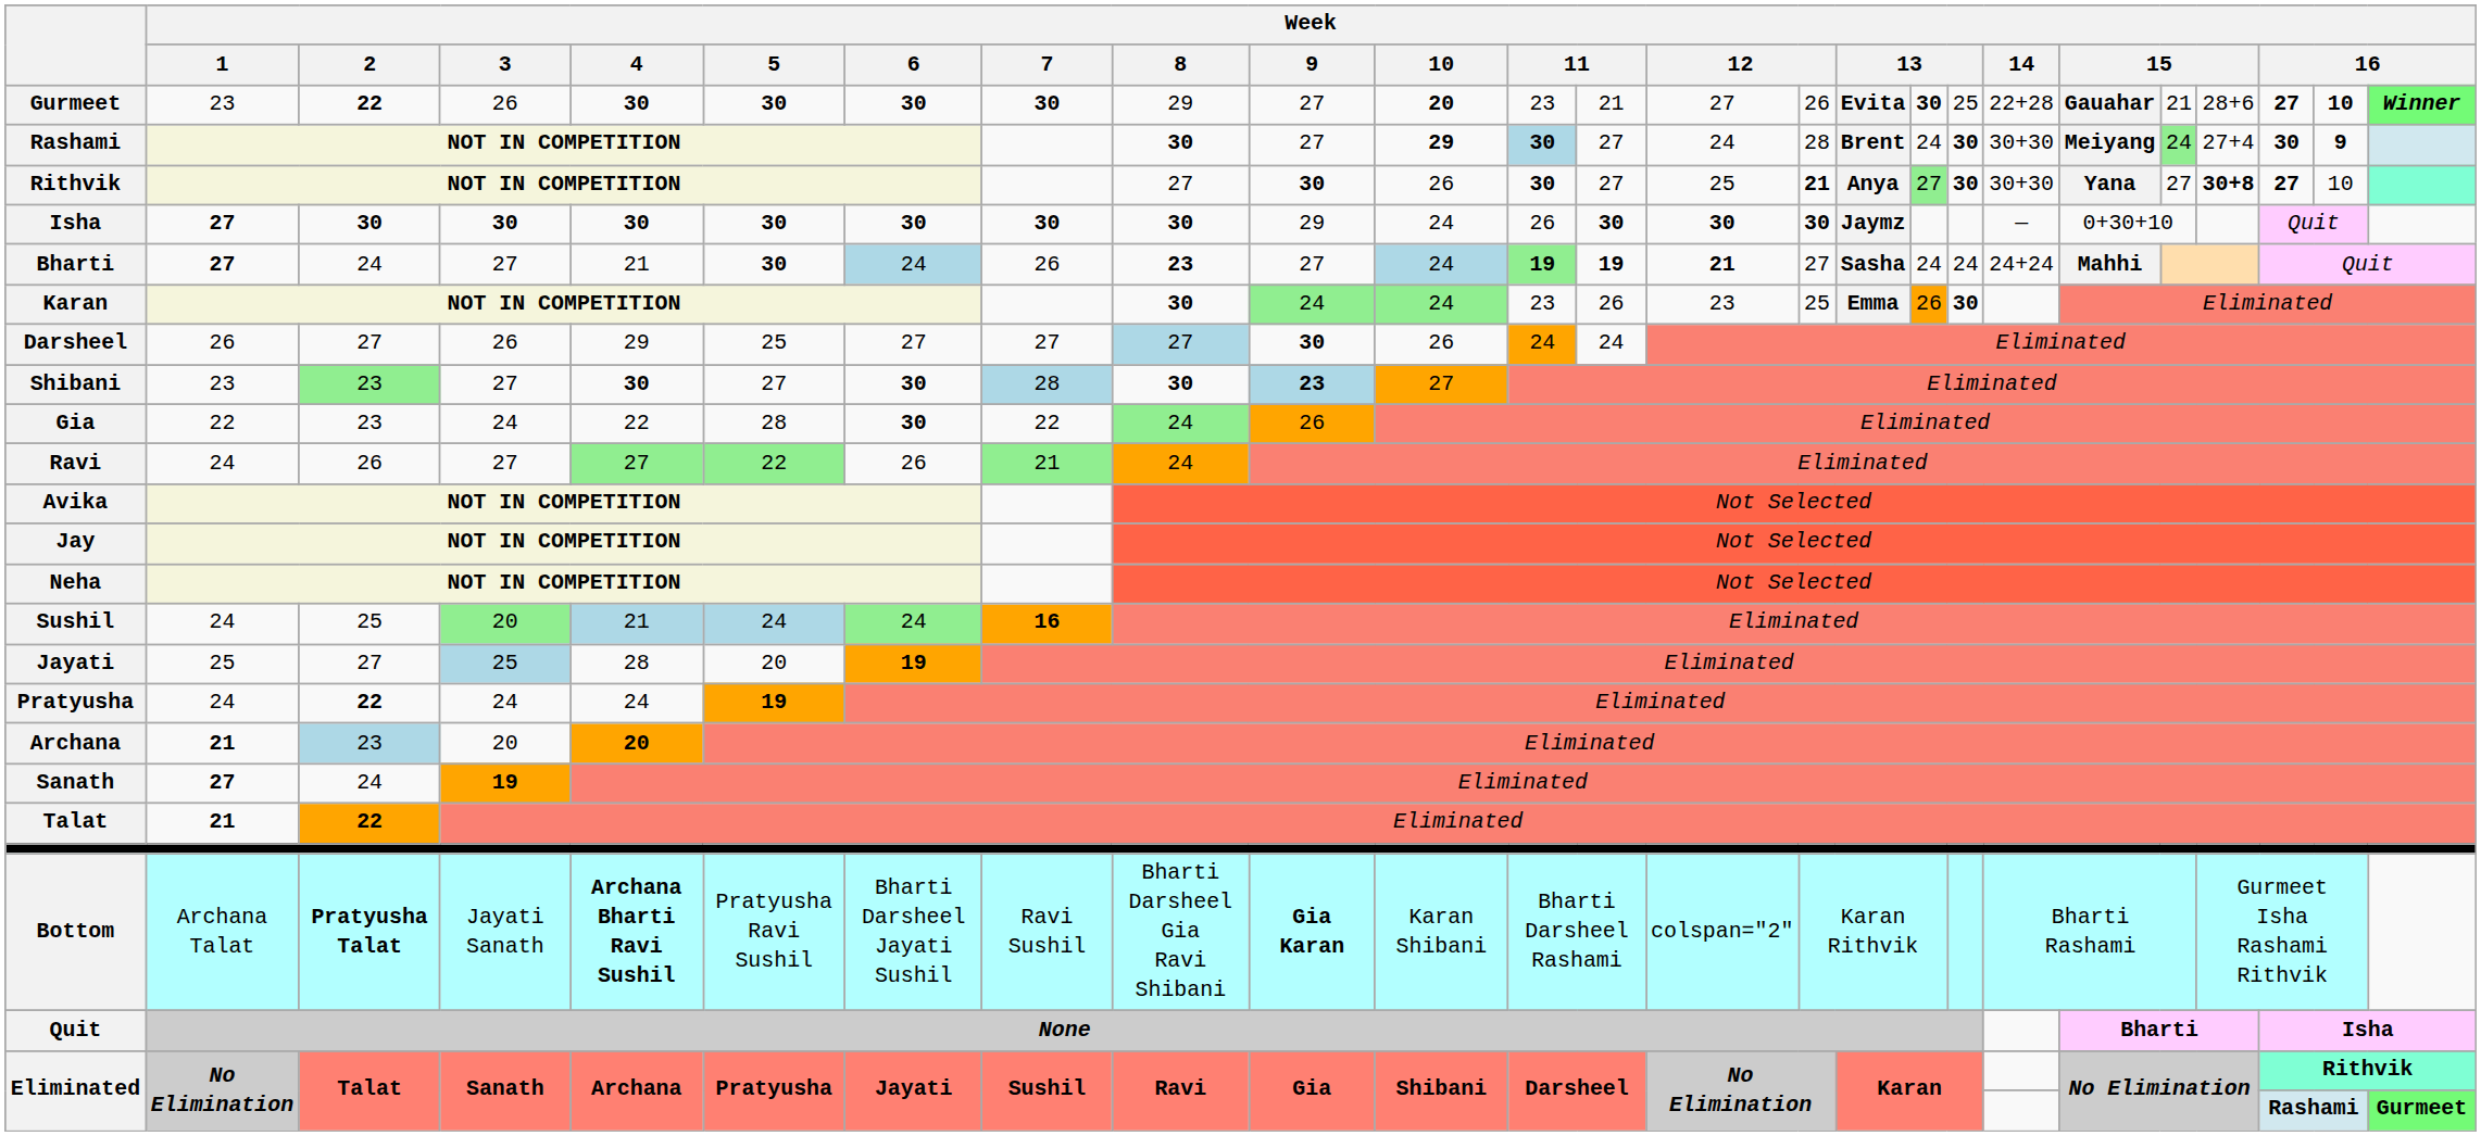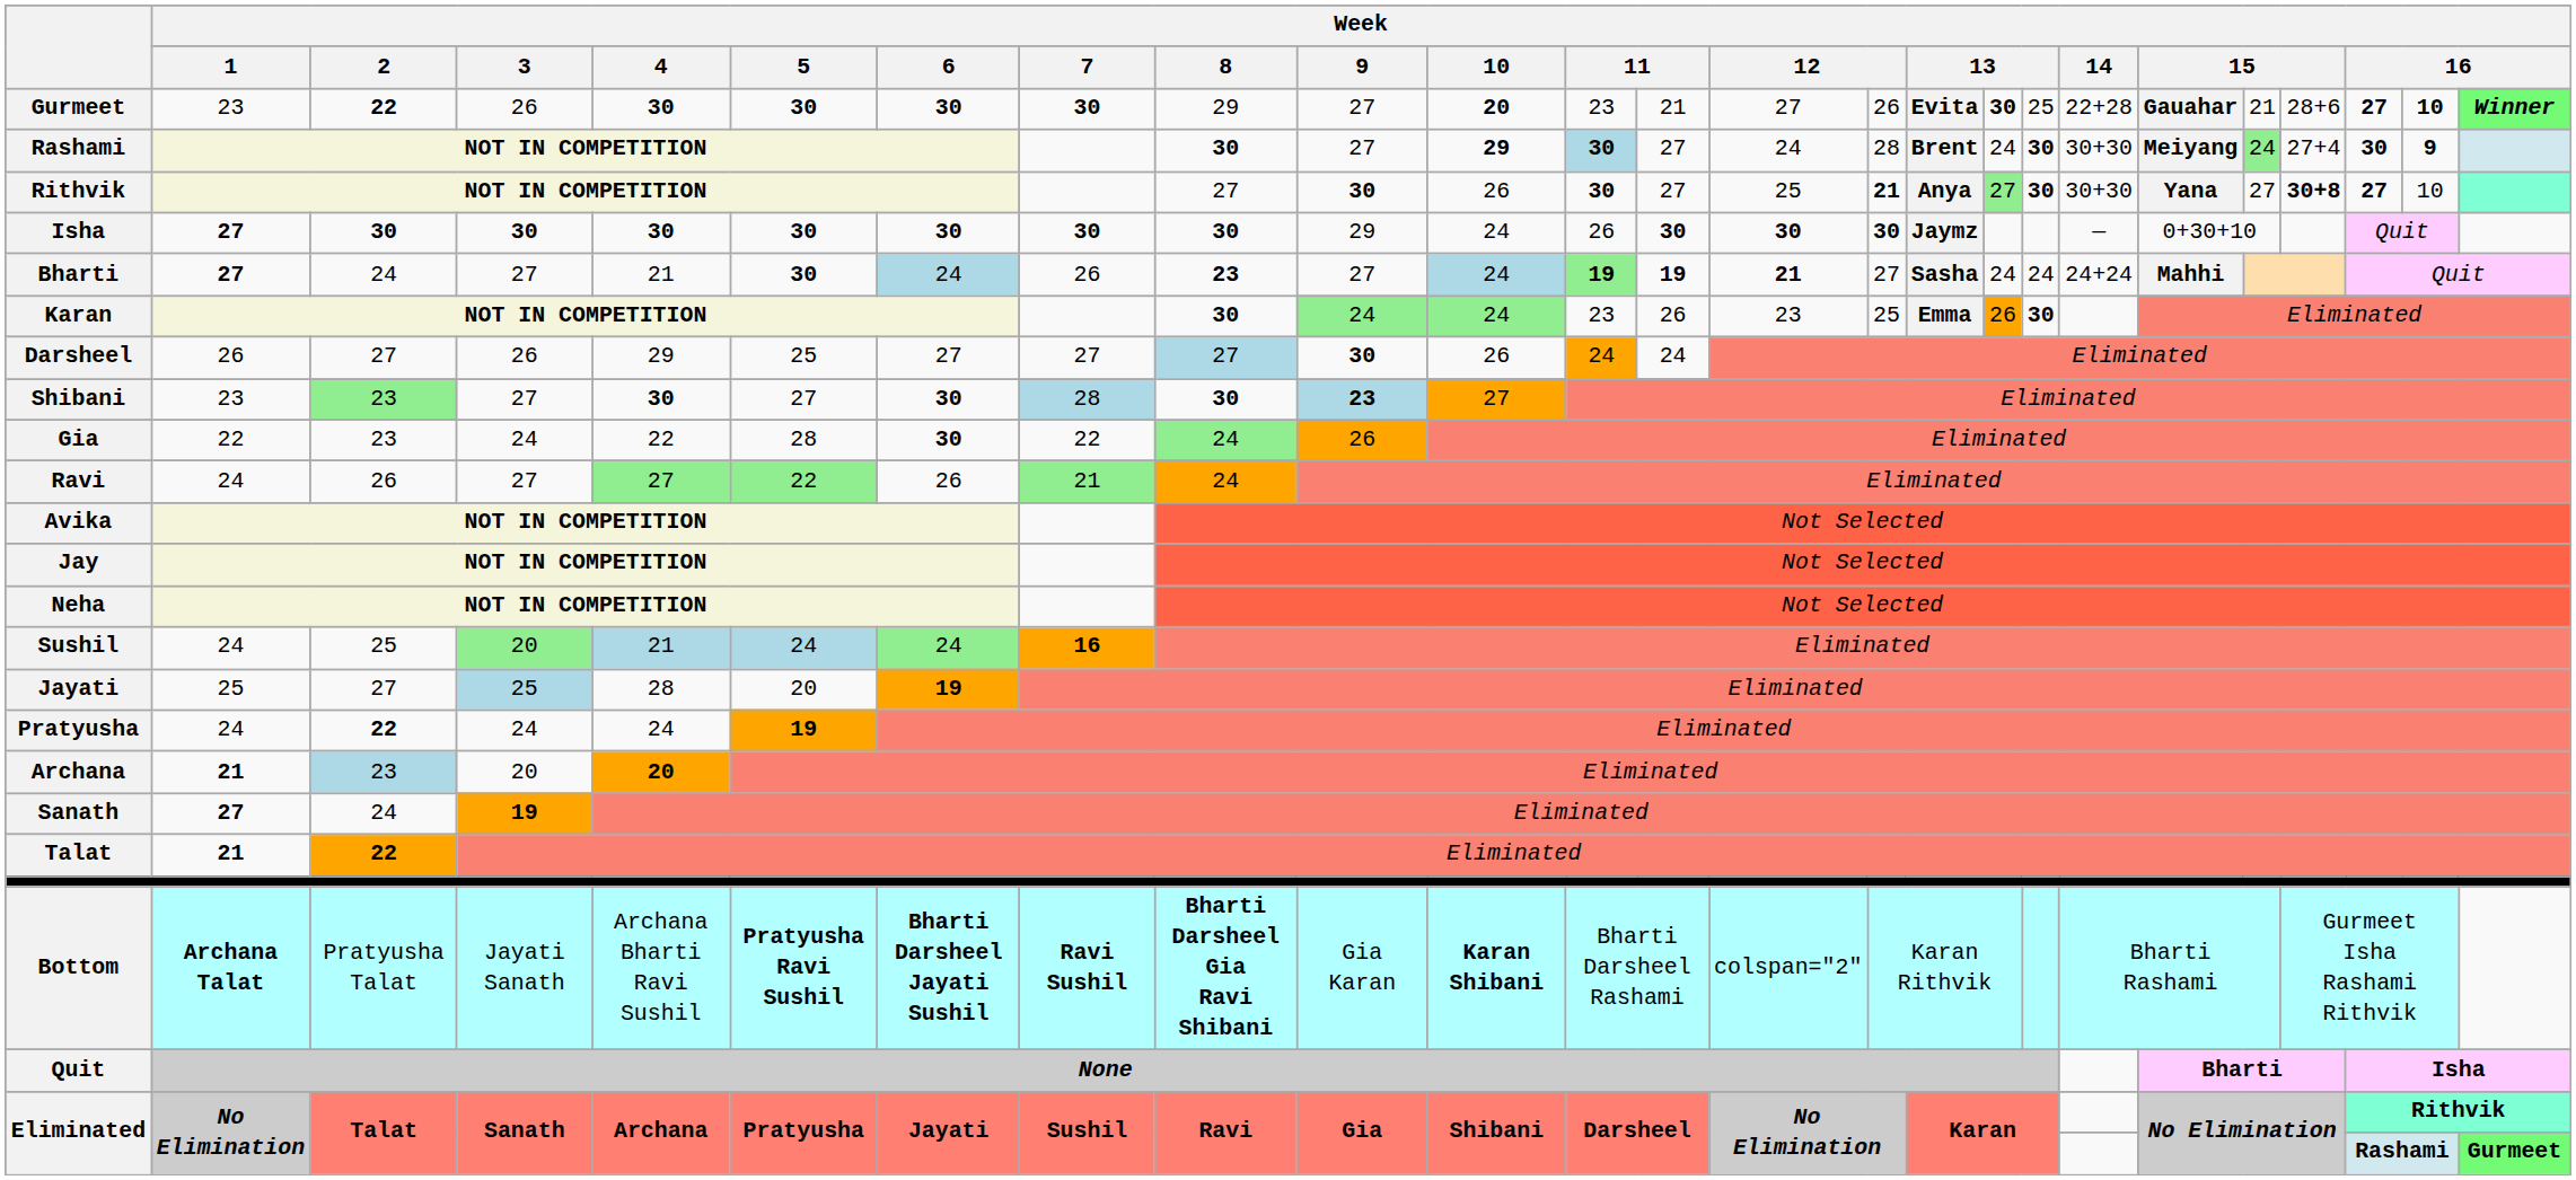 <table class="wikitable" style="text-align:center; width:100%; font-size:85%; line-height:15px;">
 <tr>
 <th rowspan="2"></th>
 <th colspan="24">Week</th>
 </tr>
 <tr>
 <th style="width:6%; white-space:nowrap;">1</th>
 <th style="width:6%; white-space:nowrap;">2</th>
 <th style="width:6%; white-space:nowrap;">3</th>
 <th style="width:6%; white-space:nowrap;">4</th>
 <th style="width:6%; white-space:nowrap;">5</th>
 <th style="width:6%; white-space:nowrap;">6</th>
 <th style="width:6%; white-space:nowrap;">7</th>
 <th style="width:6%; white-space:nowrap;">8</th>
 <th style="width:6%; white-space:nowrap;">9</th>
 <th style="width:6%; white-space:nowrap;">10</th>
 <th colspan="2" style="width:6%; white-space:nowrap;">11</th>
 <th colspan="2" style="width:6%; white-space:nowrap;">12</th>
 <th colspan="3">13</th>
 <th>14</th>
 <th colspan="3">15</th>
 <th colspan="3" style="width:9%; white-space:nowrap;" bgcolor="gold">16</th>
 </tr>
 <tr>
 <th>Gurmeet</th>
 <td>23</td>
 <td><span><strong>22</strong></span></td>
 <td>26</td>
 <td><span><strong>30</strong></span></td>
 <td><span><strong>30</strong></span></td>
 <td><span><strong>30</strong></span></td>
 <td><span><strong>30</strong></span></td>
 <td>29</td>
 <td>27</td>
 <td><span><strong>20</strong></span></td>
 <td>23</td>
 <td>21</td>
 <td>27</td>
 <td>26</td>
 <th>Evita</th>
 <td><span><strong>30</strong></span></td>
 <td>25</td>
 <td>22+28</td>
 <th>Gauahar</th>
 <td>21</td>
 <td>28+6</td>
 <td><span><strong>27</strong></span></td>
 <td><span><strong>10</strong></span></td>
 <td style="background:#73FB76;"><strong><em>Winner</em></strong></td>
 </tr>
 <tr>
 <th>Rashami</th>
 <td colspan="6" style="background:beige; text-align:center;"><strong>NOT IN COMPETITION</strong></td>
 <td></td>
 <td><span><strong>30</strong></span></td>
 <td>27</td>
 <td><span><strong>29</strong></span></td>
 <td style="background:lightblue;"><span><strong>30</strong></span></td>
 <td>27</td>
 <td>24</td>
 <td>28</td>
 <th>Brent</th>
 <td>24</td>
 <td><span><strong>30</strong></span></td>
 <td>30+30</td>
 <th>Meiyang</th>
 <td style="background:lightgreen;">24</td>
 <td>27+4</td>
 <td><span><strong>30</strong></span></td>
 <td><span><strong>9</strong></span></td>
 <td style="background:#D1E8EF;"><strong><em></em></strong></td>
 </tr>
 <tr>
 <th>Rithvik</th>
 <td colspan="6" style="background:beige; text-align:center;"><strong>NOT IN COMPETITION</strong></td>
 <td></td>
 <td>27</td>
 <td><span><strong>30</strong></span></td>
 <td>26</td>
 <td><span><strong>30</strong></span></td>
 <td>27</td>
 <td>25</td>
 <td><span><strong>21</strong></span></td>
 <th>Anya</th>
 <td style="background:lightgreen;">27</td>
 <td><span><strong>30</strong></span></td>
 <td>30+30</td>
 <th>Yana</th>
 <td>27</td>
 <td><span><strong>30+8</strong></span></td>
 <td><span><strong>27</strong></span></td>
 <td>10</td>
 <td style="background:#7FFFD4;"><strong><em></em></strong></td>
 </tr>
 <tr>
 <th>Isha</th>
 <td><span><strong>27</strong></span></td>
 <td><span><strong>30</strong></span></td>
 <td><span><strong>30</strong></span></td>
 <td><span><strong>30</strong></span></td>
 <td><span><strong>30</strong></span></td>
 <td><span><strong>30</strong></span></td>
 <td><span><strong>30</strong></span></td>
 <td><span><strong>30</strong></span></td>
 <td>29</td>
 <td>24</td>
 <td>26</td>
 <td><span><strong>30</strong></span></td>
 <td><span><strong>30</strong></span></td>
 <td><span><strong>30</strong></span></td>
 <th>Jaymz</th>
 <td></td>
 <td></td>
 <td>—</td>
 <td colspan="2">0+30+10</td>
 <td></td>
 <td colspan="2" style="background:#fcf;"><em>Quit</em></td>
 </tr>
 <tr>
 <th>Bharti</th>
 <td><span><strong>27</strong></span></td>
 <td>24</td>
 <td>27</td>
 <td>21</td>
 <td><span><strong>30</strong></span></td>
 <td style="background:lightblue;">24</td>
 <td>26</td>
 <td><span><strong>23</strong></span></td>
 <td>27</td>
 <td style="background:lightblue;">24</td>
 <td style="background:lightgreen;"><span><strong>19</strong></span></td>
 <td><span><strong>19</strong></span></td>
 <td><span><strong>21</strong></span></td>
 <td>27</td>
 <th>Sasha</th>
 <td>24</td>
 <td>24</td>
 <td>24+24</td>
 <th>Mahhi</th>
 <td colspan="2" style="background:NavajoWhite;"></td>
 <td colspan="3" style="background:#fcf; text-align:center;"><em>Quit</em></td>
 </tr>
 <tr>
 <th>Karan</th>
 <td colspan="6" style="background:beige; text-align:center;"><strong>NOT IN COMPETITION</strong></td>
 <td></td>
 <td><span><strong>30</strong></span></td>
 <td style="background:lightgreen;">24</td>
 <td style="background:lightgreen;">24</td>
 <td>23</td>
 <td>26</td>
 <td>23</td>
 <td>25</td>
 <th>Emma</th>
 <td style="background:orange;">26</td>
 <td><span><strong>30</strong></span></td>
 <td></td>
 <td colspan="6" style="background:salmon; text-align:center;"><em>Eliminated</em></td>
 </tr>
 <tr>
 <th>Darsheel</th>
 <td>26</td>
 <td>27</td>
 <td>26</td>
 <td>29</td>
 <td>25</td>
 <td>27</td>
 <td>27</td>
 <td style="background:lightblue;">27</td>
 <td><span><strong>30</strong></span></td>
 <td>26</td>
 <td style="background:orange;">24</td>
 <td>24</td>
 <td colspan="12" style="background:salmon; text-align:center;"><em>Eliminated</em></td>
 </tr>
 <tr>
 <th>Shibani</th>
 <td>23</td>
 <td style="background:lightgreen;">23</td>
 <td>27</td>
 <td><span><strong>30</strong></span></td>
 <td>27</td>
 <td><span><strong>30</strong></span></td>
 <td style="background:lightblue;">28</td>
 <td><span><strong>30</strong></span></td>
 <td style="background:lightblue;"><span><strong>23</strong></span></td>
 <td style="background:orange;">27</td>
 <td colspan="14" style="background:salmon; text-align:center;"><em>Eliminated</em></td>
 </tr>
 <tr>
 <th>Gia</th>
 <td>22</td>
 <td>23</td>
 <td>24</td>
 <td>22</td>
 <td>28</td>
 <td><span><strong>30</strong></span></td>
 <td>22</td>
 <td style="background:lightgreen;">24</td>
 <td style="background:orange;">26</td>
 <td colspan="15" style="background:salmon; text-align:center;"><em>Eliminated</em></td>
 </tr>
 <tr>
 <th>Ravi</th>
 <td>24</td>
 <td>26</td>
 <td>27</td>
 <td style="background:lightgreen;">27</td>
 <td style="background:lightgreen;">22</td>
 <td>26</td>
 <td style="background:lightgreen;">21</td>
 <td style="background:orange;">24</td>
 <td colspan="16" style="background:salmon; text-align:center;"><em>Eliminated</em></td>
 </tr>
 <tr>
 <th>Avika</th>
 <td colspan="6" bgcolor="beige"><strong>NOT IN COMPETITION</strong></td>
 <td></td>
 <td colspan="17" style="background:tomato;"><em>Not Selected</em></td>
 </tr>
 <tr>
 <th>Jay</th>
 <td colspan="6" bgcolor="beige"><strong>NOT IN COMPETITION</strong></td>
 <td></td>
 <td colspan="17" style="background:tomato;"><em>Not Selected</em></td>
 </tr>
 <tr>
 <th>Neha</th>
 <td colspan="6" bgcolor="beige"><strong>NOT IN COMPETITION</strong></td>
 <td></td>
 <td colspan="17" style="background:tomato;"><em>Not Selected</em></td>
 </tr>
 <tr>
 <th>Sushil</th>
 <td>24</td>
 <td>25</td>
 <td style="background:lightgreen;">20</td>
 <td style="background:lightblue;">21</td>
 <td style="background:lightblue;">24</td>
 <td style="background:lightgreen;">24</td>
 <td style="background:orange;"><span><strong>16</strong></span></td>
 <td colspan="17" style="background:salmon; text-align:center;"><em>Eliminated</em></td>
 </tr>
 <tr>
 <th>Jayati</th>
 <td>25</td>
 <td>27</td>
 <td style="background:lightblue;">25</td>
 <td>28</td>
 <td>20</td>
 <td style="background:orange;"><span><strong>19</strong></span></td>
 <td colspan="18" style="background:salmon; text-align:center;"><em>Eliminated</em></td>
 </tr>
 <tr>
 <th>Pratyusha</th>
 <td>24</td>
 <td><span><strong>22</strong></span></td>
 <td>24</td>
 <td>24</td>
 <td style="background:orange;"><span><strong>19</strong></span></td>
 <td colspan="19" style="background:salmon; text-align:center;"><em>Eliminated</em></td>
 </tr>
 <tr>
 <th>Archana</th>
 <td><span><strong>21</strong></span></td>
 <td style="background:lightblue;">23</td>
 <td>20</td>
 <td style="background:orange;"><span><strong>20</strong></span></td>
 <td colspan="20" style="background:salmon; text-align:center;"><em>Eliminated</em></td>
 </tr>
 <tr>
 <th>Sanath</th>
 <td><span><strong>27</strong></span></td>
 <td>24</td>
 <td style="background:orange;"><span><strong>19</strong></span></td>
 <td colspan="21" style="background:salmon; text-align:center;"><em>Eliminated</em></td>
 </tr>
 <tr>
 <th>Talat</th>
 <td><span><strong>21</strong></span></td>
 <td style="background:orange;"><span><strong>22</strong></span></td>
 <td colspan="22" style="background:salmon; text-align:center;"><em>Eliminated</em></td>
 </tr>
 <tr>
 <td colspan="25" style="background:#000;"></td>
 </tr>
 <tr style="background:#B2FFFF" |>
 <th>Bottom</th>
-<td>Archana<br>Talat</td>
-<td><strong>Pratyusha<br>Talat</strong></td>
+<td><strong>Archana<br>Talat</strong></td>
+<td>Pratyusha<br>Talat</td>
 <td>Jayati<br>Sanath</td>
-<td><strong>Archana<br>Bharti<br>Ravi<br>Sushil</strong></td>
-<td>Pratyusha<br>Ravi<br>Sushil</td>
-<td>Bharti<br>Darsheel<br>Jayati<br>Sushil</td>
-<td>Ravi<br>Sushil</td>
-<td>Bharti<br>Darsheel<br>Gia<br>Ravi<br>Shibani</td>
-<td><strong>Gia<br>Karan</strong></td>
-<td>Karan<br>Shibani</td>
+<td>Archana<br>Bharti<br>Ravi<br>Sushil</td>
+<td><strong>Pratyusha<br>Ravi<br>Sushil</strong></td>
+<td><strong>Bharti<br>Darsheel<br>Jayati<br>Sushil</strong></td>
+<td><strong>Ravi<br>Sushil</strong></td>
+<td><strong>Bharti<br>Darsheel<br>Gia<br>Ravi<br>Shibani</strong></td>
+<td>Gia<br>Karan</td>
+<td><strong>Karan<br>Shibani</strong></td>
 <td colspan="2">Bharti<br>Darsheel<br>Rashami</td>
 <td>colspan="2" </td>
 <td colspan="3">Karan<br>Rithvik</td>
 <td></td>
 <td colspan="3">Bharti<br>Rashami</td>
 <td colspan="3">Gurmeet<br>Isha<br>Rashami<br>Rithvik</td>
 </tr>
 <tr>
 <th>Quit</th>
 <td colspan="17" style="background:#ccc;"><strong><em>None</em></strong></td>
 <td></td>
 <td colspan="3" style="background:#fcf;"><strong>Bharti</strong></td>
 <td colspan="3" style="background:#fcf;"><strong>Isha</strong></td>
 </tr>
 <tr>
 <th rowspan="2">Eliminated</th>
 <td rowspan="2" style="background:#ccc;"><strong><em>No<br>Elimination</em></strong></td>
 <td rowspan="2" style="background:#ff8072;"><strong>Talat</strong></td>
 <td rowspan="2" style="background:#ff8072;"><strong>Sanath</strong></td>
 <td rowspan="2" style="background:#ff8072;"><strong>Archana</strong></td>
 <td rowspan="2" style="background:#ff8072;"><strong>Pratyusha</strong></td>
 <td rowspan="2" style="background:#ff8072;"><strong>Jayati</strong></td>
 <td rowspan="2" style="background:#ff8072;"><strong>Sushil</strong></td>
 <td rowspan="2" style="background:#ff8072;"><strong>Ravi</strong></td>
 <td rowspan="2" style="background:#ff8072;"><strong>Gia</strong></td>
 <td rowspan="2" style="background:#ff8072;"><strong>Shibani</strong></td>
 <td colspan="2" rowspan="2" style="background:#ff8072;"><strong>Darsheel</strong></td>
 <td colspan="2" rowspan="2" style="background:#ccc;"><strong><em>No<br>Elimination</em></strong></td>
 <td colspan="3" rowspan="2" style="background:#ff8072;"><strong>Karan</strong></td>
 <td></td>
 <td colspan="3" rowspan="2" style="background:#ccc;"><strong><em>No Elimination</em></strong></td>
 <td colspan="3" style="background:#7FFFD4;"><strong>Rithvik</strong></td>
 </tr>
 <tr>
 <td></td>
 <td colspan="2" style="background:#D1E8EF;"><strong>Rashami</strong></td>
 <td style="background:#73FB76;"><strong>Gurmeet</strong></td>
 </tr>
 </table>
